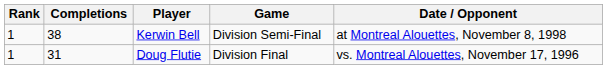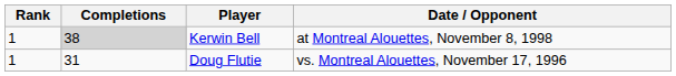 <table class="wikitable" style="width:60%;">
 <tr>
 <th>Rank</th>
 <th>Completions</th>
 <th>Player</th>
-<th>Game</th>
 <th>Date / Opponent</th>
 </tr>
 <tr>
 <td>1</td>
-<td>38</td>
+<td style="background: lightgrey;">38</td>
 <td><a href='#'>Kerwin Bell</a></td>
-<td>Division Semi-Final</td>
 <td>at <a href='#'>Montreal Alouettes</a>, November 8, 1998</td>
 </tr>
 <tr>
 <td>1</td>
 <td>31</td>
 <td><a href='#'>Doug Flutie</a></td>
-<td>Division Final</td>
 <td>vs. <a href='#'>Montreal Alouettes</a>, November 17, 1996</td>
 </tr>
 </table>
